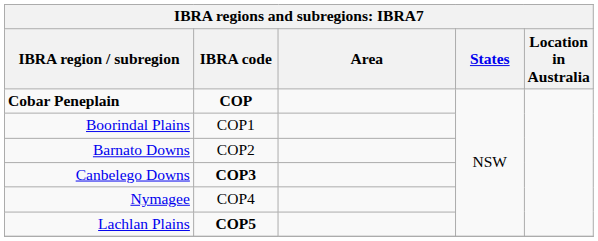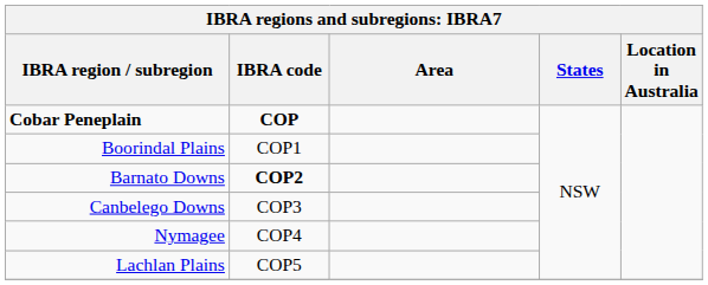 <table class="wikitable sortable">
 <tr>
 <th colspan=5>IBRA regions and subregions: IBRA7</th>
 </tr>
 <tr>
 <th scope="col" width="250px">IBRA region / subregion</th>
 <th scope="col" width="100px">IBRA code</th>
 <th scope="col" width="250px">Area</th>
 <th scope="col" width="75px"><a href='#'>States</a></th>
 <th>Location in Australia</th>
 </tr>
 <tr>
 <td><strong>Cobar Peneplain</strong></td>
 <td align="center"><strong>COP</strong></td>
 <td align="right"><strong></strong></td>
 <td align="center" rowspan=6>NSW</td>
 <td align="center" rowspan=6></td>
 </tr>
 <tr>
 <td align="right"><a href='#'>Boorindal Plains</a></td>
 <td align="center">COP1</td>
 <td align="right"></td>
 </tr>
 <tr>
 <td align="right"><a href='#'>Barnato Downs</a></td>
-<td align="center">COP2</td>
+<td align="center"><strong>COP2</strong></td>
 <td align="right"></td>
 </tr>
 <tr>
 <td align="right"><a href='#'>Canbelego Downs</a></td>
-<td align="center"><strong>COP3</strong></td>
+<td align="center">COP3</td>
 <td align="right"></td>
 </tr>
 <tr>
 <td align="right"><a href='#'>Nymagee</a></td>
 <td align="center">COP4</td>
 <td align="right"></td>
 </tr>
 <tr>
 <td align="right"><a href='#'>Lachlan Plains</a></td>
-<td align="center"><strong>COP5</strong></td>
+<td align="center">COP5</td>
 <td align="right"></td>
 </tr>
 <tr>
 </tr>
 </table>
